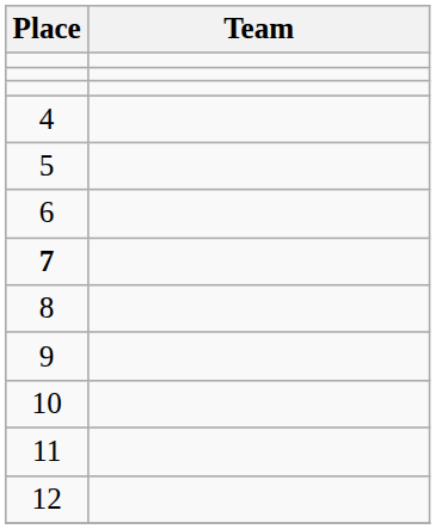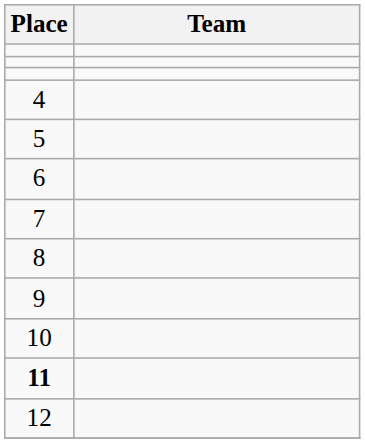 <table class="wikitable" style="text-align:center;">
 <tr>
 <th width=30>Place</th>
 <th width=175>Team</th>
 </tr>
 <tr>
 <td></td>
 <td align="left"></td>
 </tr>
 <tr>
 <td></td>
 <td align="left"></td>
 </tr>
 <tr>
 <td></td>
 <td align="left"></td>
 </tr>
 <tr>
 <td>4</td>
 <td align="left"></td>
 </tr>
 <tr>
 <td>5</td>
 <td align="left"></td>
 </tr>
 <tr>
 <td>6</td>
 <td align="left"></td>
 </tr>
 <tr>
-<td><strong>7</strong></td>
+<td>7</td>
 <td align="left"></td>
 </tr>
 <tr>
 <td>8</td>
 <td align="left"></td>
 </tr>
 <tr>
 <td>9</td>
 <td align="left"></td>
 </tr>
 <tr>
 <td>10</td>
 <td align="left"></td>
 </tr>
 <tr>
-<td>11</td>
+<td><strong>11</strong></td>
 <td align="left"></td>
 </tr>
 <tr>
 <td>12</td>
 <td align="left"></td>
 </tr>
 <tr>
 </tr>
 </table>
